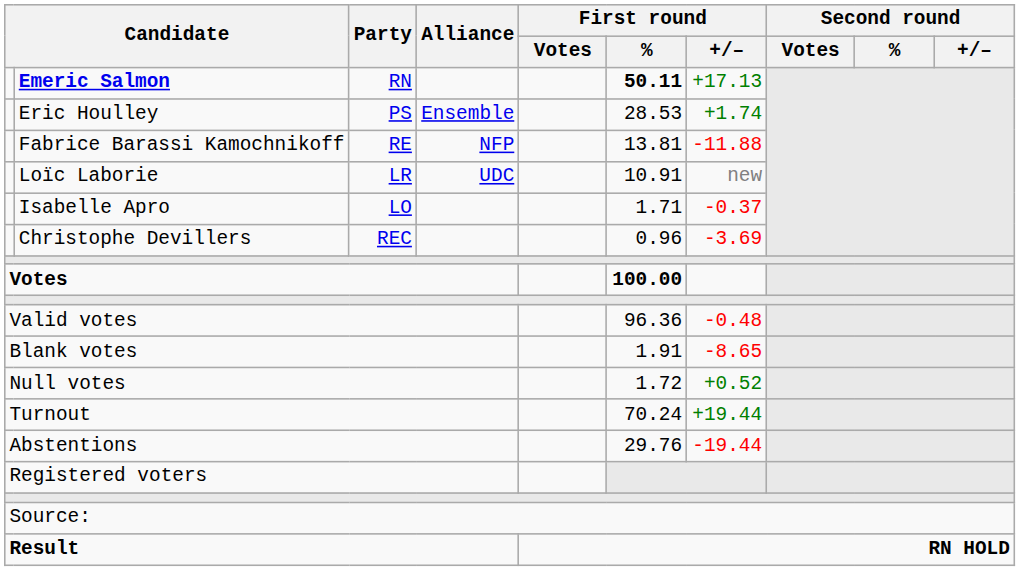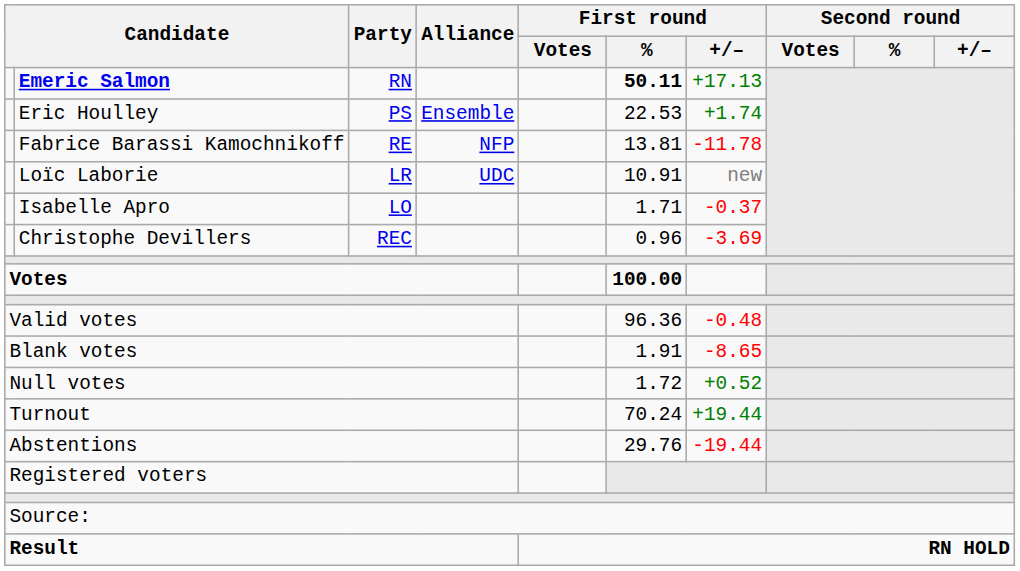 <table class="wikitable" style="text-align:right;font-size:95%;">
 <tr>
 <th rowspan="2" colspan="2">Candidate</th>
 <th colspan="1" rowspan="2">Party</th>
 <th colspan="1" rowspan="2">Alliance</th>
 <th colspan="3">First round</th>
 <th colspan="3">Second round</th>
 </tr>
 <tr>
 <th style="width:50px;">Votes</th>
 <th style="width:45px;">%</th>
 <th style="width:45px;">+/–</th>
 <th style="width:50px;">Votes</th>
 <th style="width:45px;">%</th>
 <th style="width:45px;">+/–</th>
 </tr>
 <tr>
 <td style="background:"></td>
 <td style="text-align:left;"><strong><a href='#'>Emeric Salmon</a></strong></td>
 <td><a href='#'>RN</a></td>
 <td></td>
 <td><strong></strong></td>
 <td><strong>50.11</strong></td>
 <td style="color:green;">+17.13</td>
 <td colspan="3" rowspan="6" style="background:#E9E9E9;"></td>
 </tr>
 <tr>
 <td style="background:"></td>
 <td style="text-align:left;">Eric Houlley</td>
 <td><a href='#'>PS</a></td>
 <td><a href='#'>Ensemble</a></td>
 <td></td>
-<td>28.53</td>
+<td>22.53</td>
 <td style="color:green;">+1.74</td>
 </tr>
 <tr>
 <td style="background:"></td>
 <td style="text-align:left;">Fabrice Barassi Kamochnikoff</td>
 <td><a href='#'>RE</a></td>
 <td><a href='#'>NFP</a></td>
 <td></td>
 <td>13.81</td>
-<td style="color:red;">-11.88</td>
+<td style="color:red;">-11.78</td>
 </tr>
 <tr>
 <td style="background:"></td>
 <td style="text-align:left;">Loïc Laborie</td>
 <td><a href='#'>LR</a></td>
 <td><a href='#'>UDC</a></td>
 <td></td>
 <td>10.91</td>
 <td style="color:grey;">new</td>
 </tr>
 <tr>
 <td style="background:"></td>
 <td style="text-align:left;">Isabelle Apro</td>
 <td><a href='#'>LO</a></td>
 <td></td>
 <td></td>
 <td>1.71</td>
 <td style="color:red;">-0.37</td>
 </tr>
 <tr>
 <td style="background:"></td>
 <td style="text-align:left;">Christophe Devillers</td>
 <td><a href='#'>REC</a></td>
 <td></td>
 <td></td>
 <td>0.96</td>
 <td style="color:red;">-3.69</td>
 </tr>
 <tr>
 <td colspan="10" style="background:#E9E9E9;"></td>
 </tr>
 <tr style="font-weight:bold;">
 <td colspan="4" style="text-align:left;">Votes</td>
 <td></td>
 <td>100.00</td>
 <td></td>
 <td colspan="3" rowspan="1" style="background:#E9E9E9;"></td>
 </tr>
 <tr>
 <td colspan="10" style="background:#E9E9E9;"></td>
 </tr>
 <tr>
 <td colspan="4" style="text-align:left;">Valid votes</td>
 <td></td>
 <td>96.36</td>
 <td style="color:red;">-0.48</td>
 <td colspan="3" rowspan="1" style="background:#E9E9E9;"></td>
 </tr>
 <tr>
 <td colspan="4" style="text-align:left;">Blank votes</td>
 <td></td>
 <td>1.91</td>
 <td style="color:red;">-8.65</td>
 <td colspan="3" rowspan="1" style="background:#E9E9E9;"></td>
 </tr>
 <tr>
 <td colspan="4" style="text-align:left;">Null votes</td>
 <td></td>
 <td>1.72</td>
 <td style="color:green;">+0.52</td>
 <td colspan="3" rowspan="1" style="background:#E9E9E9;"></td>
 </tr>
 <tr>
 <td colspan="4" style="text-align:left;">Turnout</td>
 <td></td>
 <td>70.24</td>
 <td style="color:green;">+19.44</td>
 <td colspan="3" rowspan="1" style="background:#E9E9E9;"></td>
 </tr>
 <tr>
 <td colspan="4" style="text-align:left;">Abstentions</td>
 <td></td>
 <td>29.76</td>
 <td style="color:red;">-19.44</td>
 <td colspan="3" rowspan="1" style="background:#E9E9E9;"></td>
 </tr>
 <tr>
 <td colspan="4" style="text-align:left;">Registered voters</td>
 <td></td>
 <td colspan="2" style="background:#E9E9E9;"></td>
 <td colspan="3" rowspan="1" style="background:#E9E9E9;"></td>
 </tr>
 <tr>
 <td colspan="10" style="background:#E9E9E9;"></td>
 </tr>
 <tr>
 <td colspan="10" style="text-align:left;">Source: </td>
 </tr>
 <tr style="font-weight:bold">
 <td colspan="4" style="text-align:left;">Result</td>
 <td colspan="6" style="background-color:">RN HOLD</td>
 </tr>
 </table>
